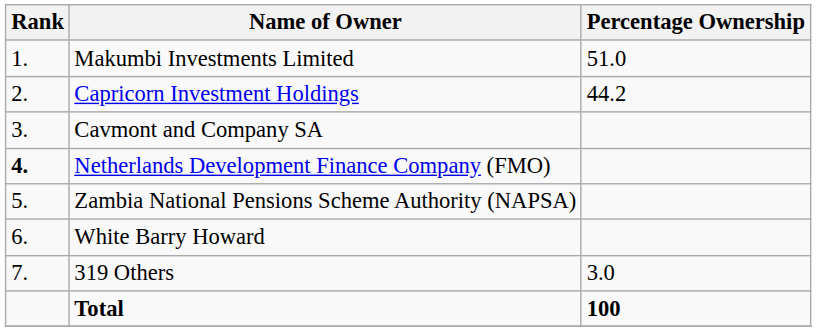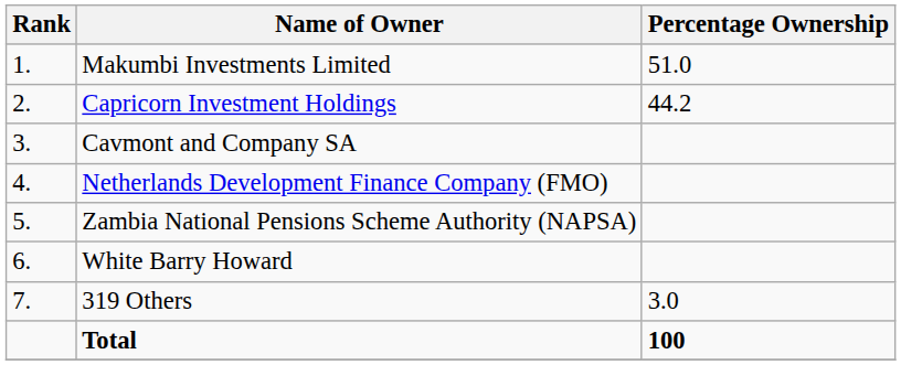 <table class="wikitable sortable" style="margin:0.5em auto">
 <tr>
 <th>Rank</th>
 <th>Name of Owner</th>
 <th>Percentage Ownership</th>
 </tr>
 <tr>
 <td>1.</td>
 <td>Makumbi Investments Limited</td>
 <td>51.0</td>
 </tr>
 <tr>
 <td>2.</td>
 <td><a href='#'>Capricorn Investment Holdings</a></td>
 <td>44.2</td>
 </tr>
 <tr>
 <td>3.</td>
 <td>Cavmont and Company SA</td>
 <td></td>
 </tr>
 <tr>
-<td><strong>4.</strong></td>
+<td>4.</td>
 <td><a href='#'>Netherlands Development Finance Company</a> (FMO)</td>
 <td></td>
 </tr>
 <tr>
 <td>5.</td>
 <td>Zambia National Pensions Scheme Authority (NAPSA)</td>
 <td></td>
 </tr>
 <tr>
 <td>6.</td>
 <td>White Barry Howard</td>
 <td></td>
 </tr>
 <tr>
 <td>7.</td>
 <td>319 Others</td>
 <td>3.0</td>
 </tr>
 <tr>
 <td></td>
 <td><strong>Total</strong></td>
 <td><strong>100</strong></td>
 </tr>
 <tr>
 </tr>
 </table>
